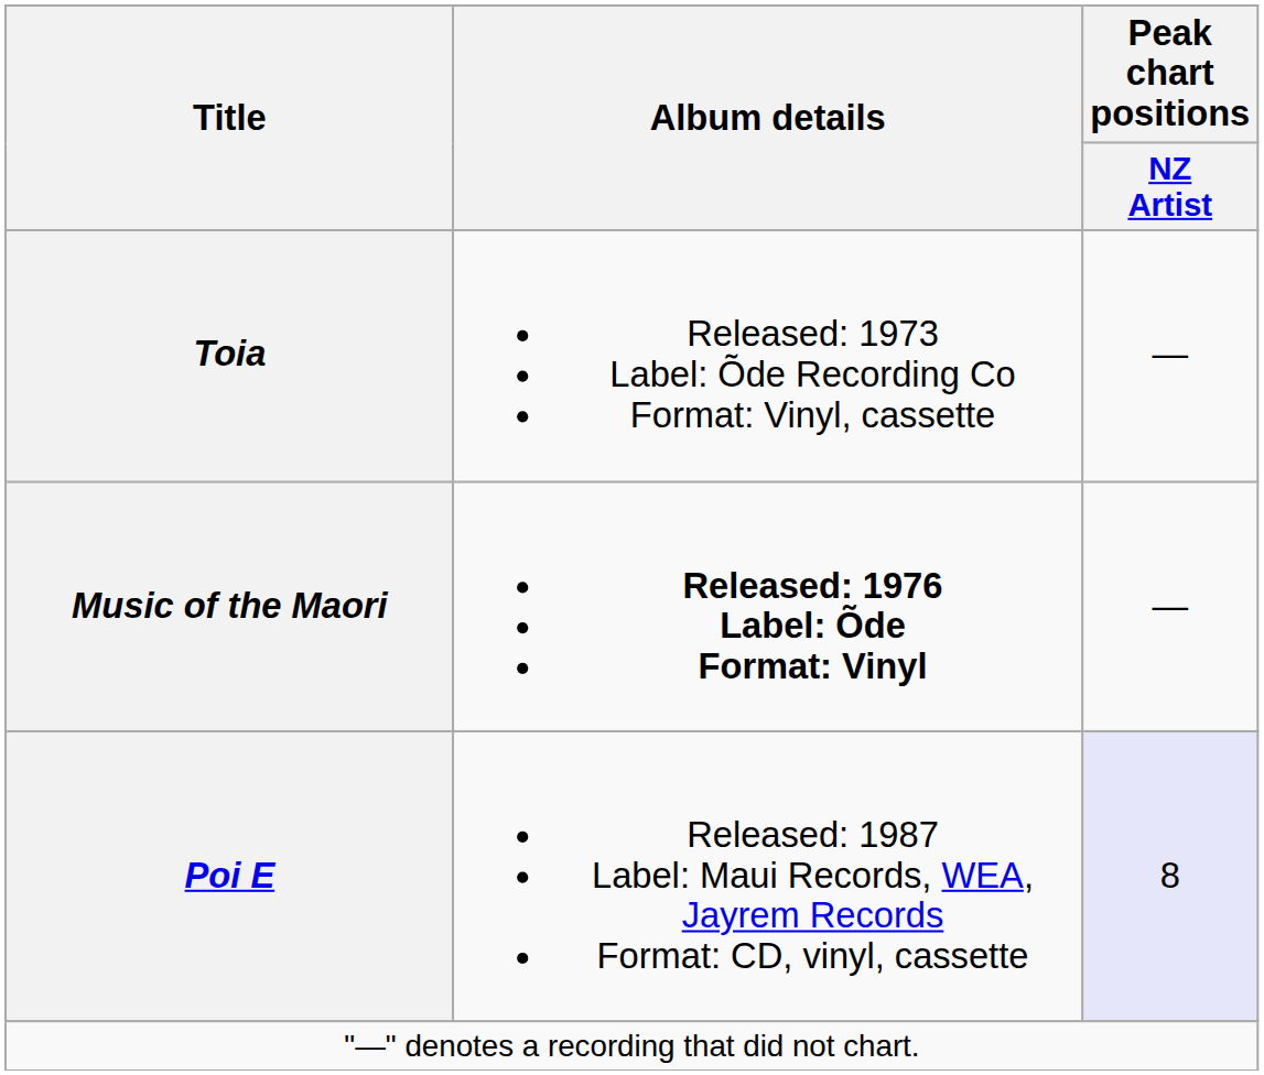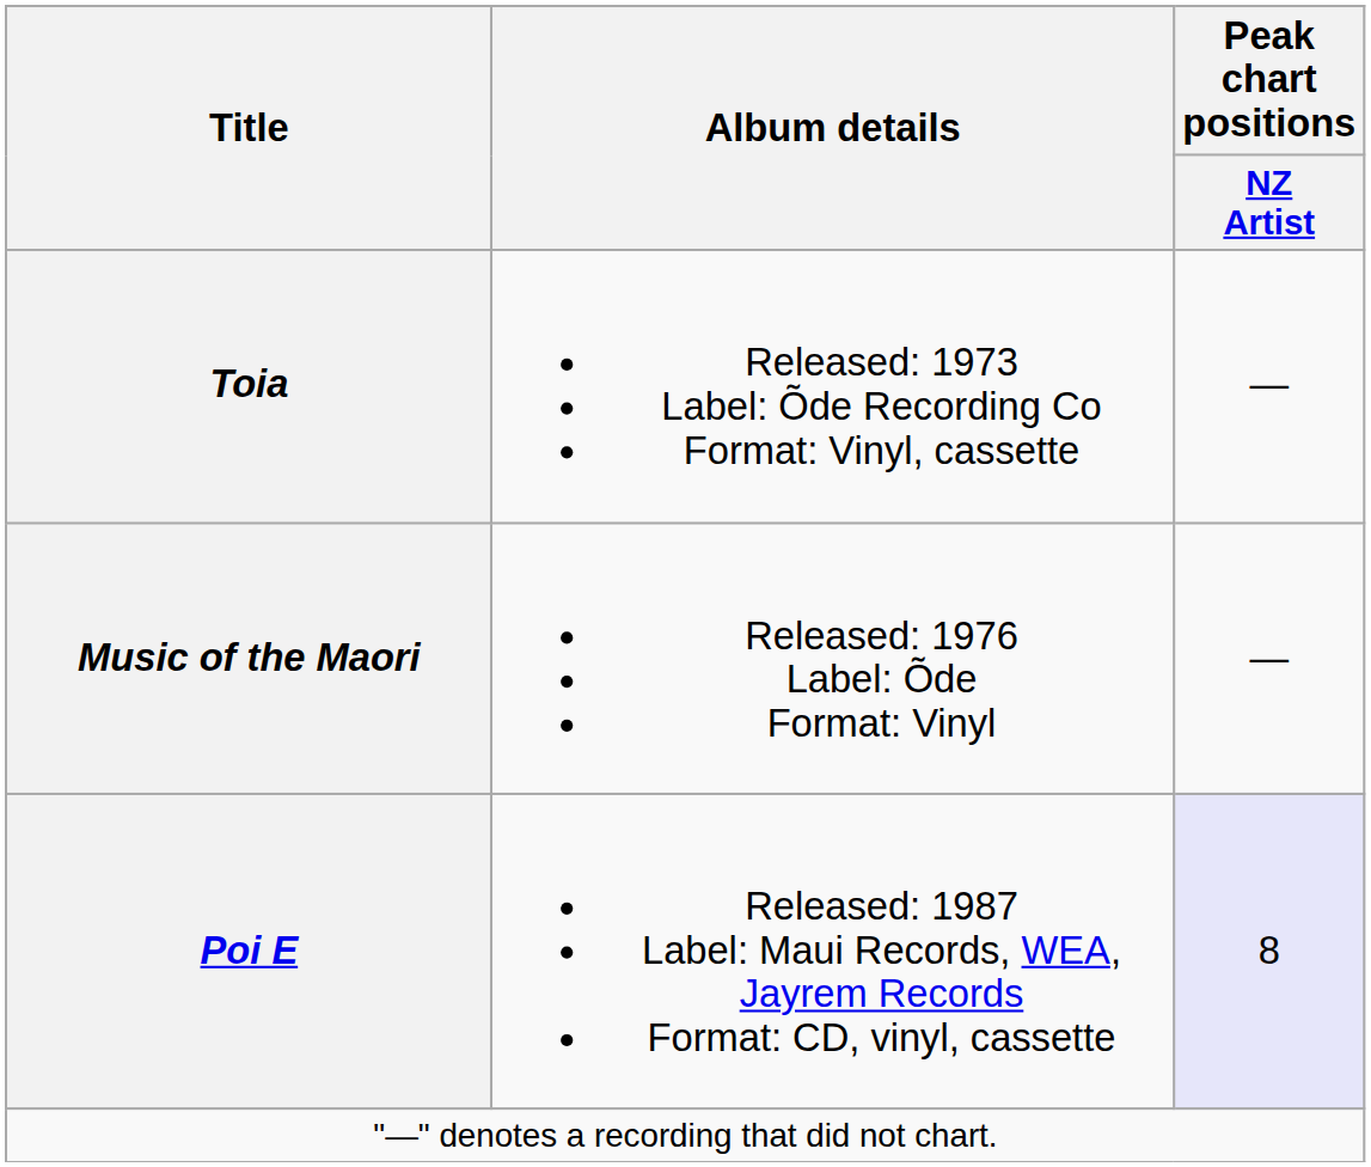 <table class="wikitable plainrowheaders" style="text-align:center;">
 <tr>
 <th scope="col" rowspan="2" style="width:12em;">Title</th>
 <th scope="col" rowspan="2" style="width:17em;">Album details</th>
 <th scope="col" colspan="1">Peak chart positions</th>
 </tr>
 <tr>
 <th scope="col" style="width:3em;font-size:90%;"><a href='#'>NZ<br>Artist</a><br></th>
 </tr>
 <tr>
 <th scope="row"><em>Toia</em><br></th>
 <td><br><ul><li>Released: 1973</li><li>Label: Õde Recording Co</li><li>Format: Vinyl, cassette</li></ul></td>
 <td>—</td>
 </tr>
 <tr>
 <th scope="row"><em>Music of the Maori</em><br></th>
-<td><strong><br><ul><li>Released: 1976</li><li>Label: Õde</li><li>Format: Vinyl</li></ul></strong></td>
+<td><br><ul><li>Released: 1976</li><li>Label: Õde</li><li>Format: Vinyl</li></ul></td>
 <td>—</td>
 </tr>
 <tr>
 <th scope="row"><em><a href='#'>Poi E</a></em></th>
 <td><br><ul><li>Released: 1987</li><li>Label: Maui Records, <a href='#'>WEA</a>, <a href='#'>Jayrem Records</a></li><li>Format: CD, vinyl, cassette</li></ul></td>
 <td style="background: lavender;">8</td>
 </tr>
 <tr>
 <td colspan="8" style="font-size:85%;">"—" denotes a recording that did not chart.</td>
 </tr>
 </table>
